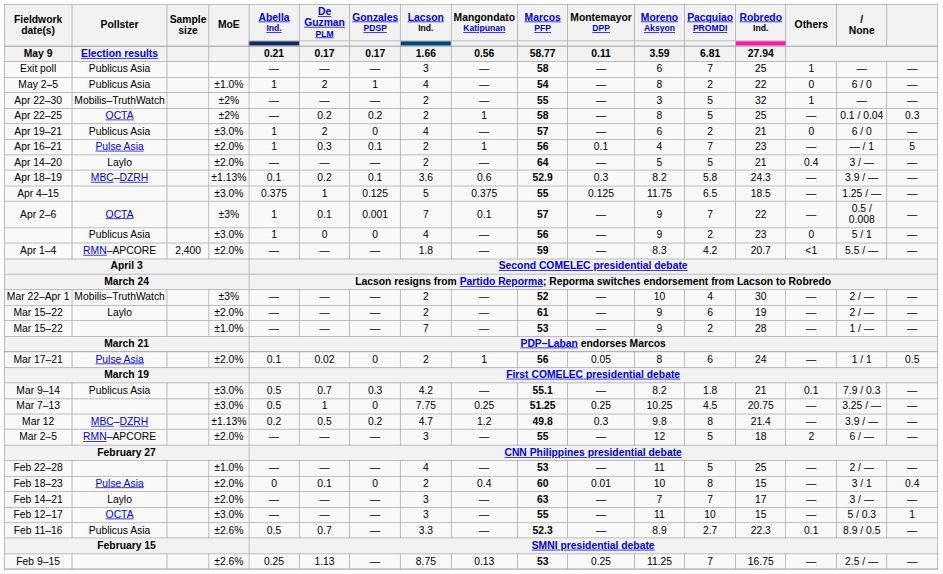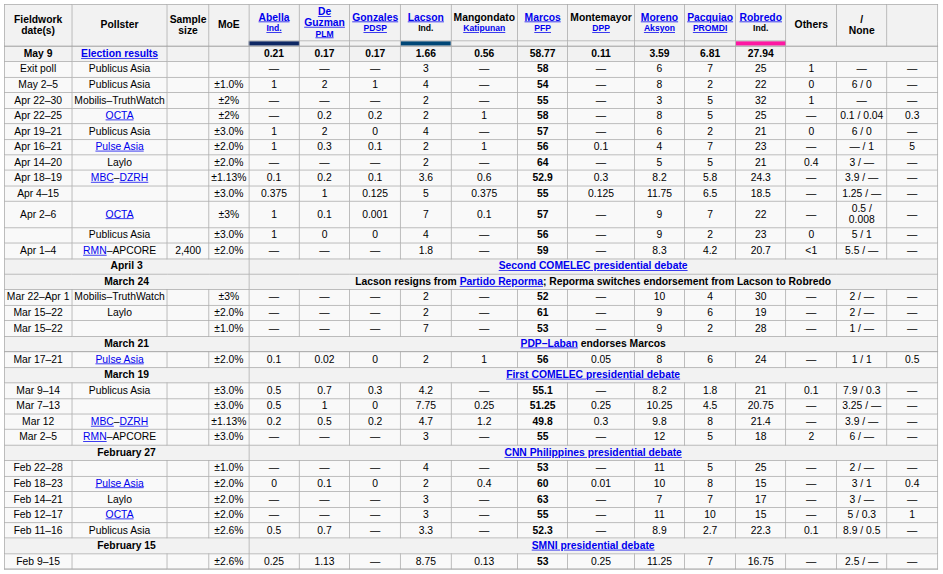 <table class="wikitable sortable" style="text-align:center;font-size:85%;line-height:14px;">
 <tr>
 <th rowspan="2">Fieldwork<br>date(s)</th>
 <th rowspan="2">Pollster</th>
 <th rowspan="2" data-sort-type="number">Sample<br>size</th>
 <th rowspan="2" data-sort-type="number"><abbr>MoE</abbr></th>
 <th class="unsortable" style="width:60px;"><a href='#'>Abella</a><br><small><a href='#'>Ind.</a></small></th>
 <th class="unsortable" style="width:60px;"><a href='#'>De Guzman</a><br><small><a href='#'>PLM</a></small></th>
 <th class="unsortable" style="width:60px;"><a href='#'>Gonzales</a><br><small><a href='#'>PDSP</a></small></th>
 <th class="unsortable" style="width:60px;"><a href='#'>Lacson</a><br><small>Ind.</small></th>
 <th class="unsortable" style="width:60px;">Mangondato<br><small><a href='#'>Katipunan</a></small></th>
 <th class="unsortable" style="width:60px;"><a href='#'>Marcos</a><br><small><a href='#'>PFP</a></small></th>
 <th class="unsortable" style="width:60px;">Montemayor<br><small><a href='#'>DPP</a></small></th>
 <th class="unsortable" style="width:60px;"><a href='#'>Moreno</a><br><small><a href='#'>Aksyon</a></small></th>
 <th class="unsortable" style="width:60px;"><a href='#'>Pacquiao</a><br><small><a href='#'>PROMDI</a></small></th>
 <th class="unsortable" style="width:60px;"><a href='#'>Robredo</a><br><small>Ind.</small></th>
 <th rowspan="2" class="unsortable" style="width:60px;">Others</th>
 <th rowspan="2" class="unsortable" style="width:60px;">/<br>None</th>
 <th rowspan="2" class="unsortable" style="width:60px;"></th>
 </tr>
 <tr>
 <th style="background:#0E2864;"></th>
 <th></th>
 <th></th>
 <th style="background:#004777;"></th>
 <th></th>
 <th></th>
 <th></th>
 <th></th>
 <th></th>
 <th style="background:#FE18A3;"></th>
 </tr>
 <tr>
 </tr>
 <tr>
 <th>May 9</th>
 <th><a href='#'>Election results</a></th>
 <th></th>
 <th></th>
 <th>0.21</th>
 <th>0.17</th>
 <th>0.17</th>
 <th>1.66</th>
 <th>0.56</th>
 <th style="background:#">58.77</th>
 <th>0.11</th>
 <th>3.59</th>
 <th>6.81</th>
 <th>27.94</th>
 <th colspan="3"></th>
 </tr>
 <tr>
 <td data-sort-value="2022-05-09">Exit poll</td>
 <td>Publicus Asia</td>
 <td></td>
 <td></td>
 <td>—</td>
 <td>—</td>
 <td>—</td>
 <td>3</td>
 <td>—</td>
 <td style="background:#"><strong>58</strong></td>
 <td>—</td>
 <td>6</td>
 <td>7</td>
 <td>25</td>
 <td>1</td>
 <td>—</td>
 <td>—</td>
 </tr>
 <tr>
 <td data-sort-value="2022-05-5">May 2–5</td>
 <td>Publicus Asia</td>
 <td></td>
 <td>±1.0%</td>
 <td>1</td>
 <td>2</td>
 <td>1</td>
 <td>4</td>
 <td>—</td>
 <td style="background:#"><strong>54</strong></td>
 <td>—</td>
 <td>8</td>
 <td>2</td>
 <td>22</td>
 <td>0</td>
 <td>6 / 0</td>
 <td>—</td>
 </tr>
 <tr>
 <td data-sort-value="2022-04-30">Apr 22–30</td>
 <td>Mobilis–TruthWatch</td>
 <td></td>
 <td>±2%</td>
 <td>—</td>
 <td>—</td>
 <td>—</td>
 <td>2</td>
 <td>—</td>
 <td style="background:#"><strong>55</strong></td>
 <td>—</td>
 <td>3</td>
 <td>5</td>
 <td>32</td>
 <td>1</td>
 <td>—</td>
 <td>—</td>
 </tr>
 <tr>
 <td data-sort-value="2021-04-25">Apr 22–25</td>
 <td><a href='#'>OCTA</a></td>
 <td></td>
 <td>±2%</td>
 <td>—</td>
 <td>0.2</td>
 <td>0.2</td>
 <td>2</td>
 <td>1</td>
 <td style="background:#"><strong>58</strong></td>
 <td>—</td>
 <td>8</td>
 <td>5</td>
 <td>25</td>
 <td>—</td>
 <td>0.1 / 0.04</td>
 <td>0.3</td>
 </tr>
 <tr>
 <td data-sort-value="2022-04-21">Apr 19–21</td>
 <td>Publicus Asia</td>
 <td></td>
 <td>±3.0%</td>
 <td>1</td>
 <td>2</td>
 <td>0</td>
 <td>4</td>
 <td>—</td>
 <td style="background:#"><strong>57</strong></td>
 <td>—</td>
 <td>6</td>
 <td>2</td>
 <td>21</td>
 <td>0</td>
 <td>6 / 0</td>
 <td>—</td>
 </tr>
 <tr>
 <td data-sort-value="2022-04-21">Apr 16–21</td>
 <td><a href='#'>Pulse Asia</a></td>
 <td></td>
 <td>±2.0%</td>
 <td>1</td>
 <td>0.3</td>
 <td>0.1</td>
 <td>2</td>
 <td>1</td>
 <td style="background:#"><strong>56</strong></td>
 <td>0.1</td>
 <td>4</td>
 <td>7</td>
 <td>23</td>
 <td>—</td>
 <td>— / 1</td>
 <td>5</td>
 </tr>
 <tr>
 <td data-sort-value="2022-04-20">Apr 14–20</td>
 <td>Laylo</td>
 <td></td>
 <td>±2.0%</td>
 <td>—</td>
 <td>—</td>
 <td>—</td>
 <td>2</td>
 <td>—</td>
 <td style="background:#"><strong>64</strong></td>
 <td>—</td>
 <td>5</td>
 <td>5</td>
 <td>21</td>
 <td>0.4</td>
 <td>3 / —</td>
 <td>—</td>
 </tr>
 <tr>
 <td data-sort-value="2022-04-19">Apr 18–19</td>
 <td><a href='#'>MBC</a>–<a href='#'>DZRH</a></td>
 <td></td>
 <td>±1.13%</td>
 <td>0.1</td>
 <td>0.2</td>
 <td>0.1</td>
 <td>3.6</td>
 <td>0.6</td>
 <td style="background:#"><strong>52.9</strong></td>
 <td>0.3</td>
 <td>8.2</td>
 <td>5.8</td>
 <td>24.3</td>
 <td>—</td>
 <td>3.9 / —</td>
 <td>—</td>
 </tr>
 <tr>
 <td data-sort-value="2022-04-15">Apr 4–15</td>
 <td></td>
 <td></td>
 <td>±3.0%</td>
 <td>0.375</td>
 <td>1</td>
 <td>0.125</td>
 <td>5</td>
 <td>0.375</td>
 <td style="background:#"><strong>55</strong></td>
 <td>0.125</td>
 <td>11.75</td>
 <td>6.5</td>
 <td>18.5</td>
 <td>—</td>
 <td>1.25 / —</td>
 <td>—</td>
 </tr>
 <tr>
 <td data-sort-value="2021-04-06">Apr 2–6</td>
 <td><a href='#'>OCTA</a></td>
 <td></td>
 <td>±3%</td>
 <td>1</td>
 <td>0.1</td>
 <td>0.001</td>
 <td>7</td>
 <td>0.1</td>
 <td style="background:#"><strong>57</strong></td>
 <td>—</td>
 <td>9</td>
 <td>7</td>
 <td>22</td>
 <td>—</td>
 <td>0.5 / 0.008</td>
 <td>—</td>
 </tr>
 <tr>
 <td data-sort-value="2022-03-22"></td>
 <td>Publicus Asia</td>
 <td></td>
 <td>±3.0%</td>
 <td>1</td>
 <td>0</td>
 <td>0</td>
 <td>4</td>
 <td>—</td>
 <td style="background:#"><strong>56</strong></td>
 <td>—</td>
 <td>9</td>
 <td>2</td>
 <td>23</td>
 <td>0</td>
 <td>5 / 1</td>
 <td>—</td>
 </tr>
 <tr>
 <td data-sort-value="2021-04-04">Apr 1–4</td>
 <td><a href='#'>RMN</a>–APCORE</td>
 <td>2,400</td>
 <td>±2.0%</td>
 <td>—</td>
 <td>—</td>
 <td>—</td>
 <td>1.8</td>
 <td>—</td>
 <td style="background:#"><strong>59</strong></td>
 <td>—</td>
 <td>8.3</td>
 <td>4.2</td>
 <td>20.7</td>
 <td><1</td>
 <td>5.5 / —</td>
 <td>—</td>
 </tr>
 <tr>
 <th colspan="4">April 3</th>
 <th colspan="13"><a href='#'>Second COMELEC presidential debate</a></th>
 </tr>
 <tr>
 <th colspan="4">March 24</th>
 <th colspan="13">Lacson resigns from <a href='#'>Partido Reporma</a>; Reporma switches endorsement from Lacson to Robredo</th>
 </tr>
 <tr>
 <td data-sort-value="2022-04-01">Mar 22–Apr 1</td>
 <td>Mobilis–TruthWatch</td>
 <td></td>
 <td>±3%</td>
 <td>—</td>
 <td>—</td>
 <td>—</td>
 <td>2</td>
 <td>—</td>
 <td style="background:#"><strong>52</strong></td>
 <td>—</td>
 <td>10</td>
 <td>4</td>
 <td>30</td>
 <td>—</td>
 <td>2 / —</td>
 <td>—</td>
 </tr>
 <tr>
 <td data-sort-value="2022-03-22">Mar 15–22</td>
 <td>Laylo</td>
 <td></td>
 <td>±2.0%</td>
 <td>—</td>
 <td>—</td>
 <td>—</td>
 <td>2</td>
 <td>—</td>
 <td style="background:#"><strong>61</strong></td>
 <td>—</td>
 <td>9</td>
 <td>6</td>
 <td>19</td>
 <td>—</td>
 <td>2 / —</td>
 <td>—</td>
 </tr>
 <tr>
 <td data-sort-value="2022-03-22">Mar 15–22</td>
 <td></td>
 <td></td>
 <td>±1.0%</td>
 <td>—</td>
 <td>—</td>
 <td>—</td>
 <td>7</td>
 <td>—</td>
 <td style="background:#"><strong>53</strong></td>
 <td>—</td>
 <td>9</td>
 <td>2</td>
 <td>28</td>
 <td>—</td>
 <td>1 / —</td>
 <td>—</td>
 </tr>
 <tr>
 <th colspan="4">March 21</th>
 <th colspan="13"><a href='#'>PDP–Laban</a> endorses Marcos</th>
 </tr>
 <tr>
 </tr>
 <tr>
 <td data-sort-value="2022-03-21">Mar 17–21</td>
 <td><a href='#'>Pulse Asia</a></td>
 <td></td>
 <td>±2.0%</td>
 <td>0.1</td>
 <td>0.02</td>
 <td>0</td>
 <td>2</td>
 <td>1</td>
 <td style="background:#"><strong>56</strong></td>
 <td>0.05</td>
 <td>8</td>
 <td>6</td>
 <td>24</td>
 <td>—</td>
 <td>1 / 1</td>
 <td>0.5</td>
 </tr>
 <tr>
 <th colspan="4">March 19</th>
 <th colspan="13"><a href='#'>First COMELEC presidential debate</a></th>
 </tr>
 <tr>
 <td data-sort-value="2021-03-17">Mar 9–14</td>
 <td>Publicus Asia</td>
 <td></td>
 <td>±3.0%</td>
 <td>0.5</td>
 <td>0.7</td>
 <td>0.3</td>
 <td>4.2</td>
 <td>—</td>
 <td style="background:#"><strong>55.1</strong></td>
 <td>—</td>
 <td>8.2</td>
 <td>1.8</td>
 <td>21</td>
 <td>0.1</td>
 <td>7.9 / 0.3</td>
 <td>—</td>
 </tr>
 <tr>
 <td data-sort-value="2022-03-24">Mar 7–13</td>
 <td></td>
 <td></td>
 <td>±3.0%</td>
 <td>0.5</td>
 <td>1</td>
 <td>0</td>
 <td>7.75</td>
 <td>0.25</td>
 <td style="background:#"><strong>51.25</strong></td>
 <td>0.25</td>
 <td>10.25</td>
 <td>4.5</td>
 <td>20.75</td>
 <td>—</td>
 <td>3.25 / —</td>
 <td>—</td>
 </tr>
 <tr>
 <td data-sort-value="2022-03-15">Mar 12</td>
 <td><a href='#'>MBC</a>–<a href='#'>DZRH</a></td>
 <td></td>
 <td>±1.13%</td>
 <td>0.2</td>
 <td>0.5</td>
 <td>0.2</td>
 <td>4.7</td>
 <td>1.2</td>
 <td style="background:#"><strong>49.8</strong></td>
 <td>0.3</td>
 <td>9.8</td>
 <td>8</td>
 <td>21.4</td>
 <td>—</td>
 <td>3.9 / —</td>
 <td>—</td>
 </tr>
 <tr>
 <td data-sort-value="2022-03-21">Mar 2–5</td>
 <td><a href='#'>RMN</a>–APCORE</td>
 <td></td>
-<td>±2.0%</td>
+<td>±3.0%</td>
 <td>—</td>
 <td>—</td>
 <td>—</td>
 <td>3</td>
 <td>—</td>
 <td style="background:#"><strong>55</strong></td>
 <td>—</td>
 <td>12</td>
 <td>5</td>
 <td>18</td>
 <td>2</td>
 <td>6 / —</td>
 <td>—</td>
 </tr>
 <tr>
 <th colspan="4">February 27</th>
 <th colspan="13"><a href='#'>CNN Philippines presidential debate</a></th>
 </tr>
 <tr>
 <td data-sort-value="2022-02-28">Feb 22–28</td>
 <td></td>
 <td></td>
 <td>±1.0%</td>
 <td>—</td>
 <td>—</td>
 <td>—</td>
 <td>4</td>
 <td>—</td>
 <td style="background:#"><strong>53</strong></td>
 <td>—</td>
 <td>11</td>
 <td>5</td>
 <td>25</td>
 <td>—</td>
 <td>2 / —</td>
 <td>—</td>
 </tr>
 <tr>
 <td data-sort-value="2021-02-23">Feb 18–23</td>
 <td><a href='#'>Pulse Asia</a></td>
 <td></td>
 <td>±2.0%</td>
 <td>0</td>
 <td>0.1</td>
 <td>0</td>
 <td>2</td>
 <td>0.4</td>
 <td style="background:#"><strong>60</strong></td>
 <td>0.01</td>
 <td>10</td>
 <td>8</td>
 <td>15</td>
 <td>—</td>
 <td>3 / 1</td>
 <td>0.4</td>
 </tr>
 <tr>
 <td>Feb 14–21</td>
 <td>Laylo</td>
 <td></td>
 <td>±2.0%</td>
 <td>—</td>
 <td>—</td>
 <td>—</td>
 <td>3</td>
 <td>—</td>
 <td style="background:#"><strong>63</strong></td>
 <td>—</td>
 <td>7</td>
 <td>7</td>
 <td>17</td>
 <td>—</td>
 <td>3 / —</td>
 <td>—</td>
 </tr>
 <tr>
 <td data-sort-value="2021-02-28">Feb 12–17</td>
 <td><a href='#'>OCTA</a></td>
 <td></td>
-<td>±3.0%</td>
+<td>±2.0%</td>
 <td>—</td>
 <td>—</td>
 <td>—</td>
 <td>3</td>
 <td>—</td>
 <td style="background:#"><strong>55</strong></td>
 <td>—</td>
 <td>11</td>
 <td>10</td>
 <td>15</td>
 <td>—</td>
 <td>5 / 0.3</td>
 <td>1</td>
 </tr>
 <tr>
 <td data-sort-value="2021-02-21">Feb 11–16</td>
 <td>Publicus Asia</td>
 <td></td>
 <td>±2.6%</td>
 <td>0.5</td>
 <td>0.7</td>
 <td>—</td>
 <td>3.3</td>
 <td>—</td>
 <td style="background:#"><strong>52.3</strong></td>
 <td>—</td>
 <td>8.9</td>
 <td>2.7</td>
 <td>22.3</td>
 <td>0.1</td>
 <td>8.9 / 0.5</td>
 <td>—</td>
 </tr>
 <tr>
 <th colspan="4">February 15</th>
 <th colspan="13"><a href='#'>SMNI presidential debate</a></th>
 </tr>
 <tr>
 <td data-sort-value="2021-02-26">Feb 9–15</td>
 <td></td>
 <td></td>
 <td>±2.6%</td>
 <td>0.25</td>
 <td>1.13</td>
 <td>—</td>
 <td>8.75</td>
 <td>0.13</td>
 <td style="background:#"><strong>53</strong></td>
 <td>0.25</td>
 <td>11.25</td>
 <td>7</td>
 <td>16.75</td>
 <td>—</td>
 <td>2.5 / —</td>
 <td>—</td>
 </tr>
 <tr>
 </tr>
 </table>
